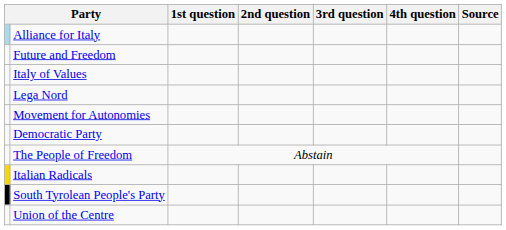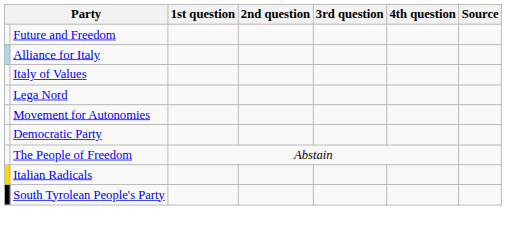 <table class="wikitable">
 <tr>
 <th colspan=2>Party</th>
 <th>1st question</th>
 <th>2nd question</th>
 <th>3rd question</th>
 <th>4th question</th>
 <th>Source</th>
 </tr>
 <tr>
-<td bgcolor="lightblue"></td>
-<td><a href='#'>Alliance for Italy</a></td>
+<td></td>
+<td><a href='#'>Future and Freedom</a></td>
 <td></td>
 <td></td>
 <td></td>
 <td></td>
 <td></td>
 </tr>
 <tr>
-<td></td>
-<td><a href='#'>Future and Freedom</a></td>
+<td bgcolor="lightblue"></td>
+<td><a href='#'>Alliance for Italy</a></td>
 <td></td>
 <td></td>
 <td></td>
 <td></td>
 <td></td>
 </tr>
 <tr>
 <td></td>
 <td><a href='#'>Italy of Values</a></td>
 <td></td>
 <td></td>
 <td></td>
 <td></td>
 <td></td>
 </tr>
 <tr>
 <td></td>
 <td><a href='#'>Lega Nord</a></td>
 <td></td>
 <td></td>
 <td></td>
 <td></td>
 <td></td>
 </tr>
 <tr>
 <td></td>
 <td><a href='#'>Movement for Autonomies</a></td>
 <td></td>
 <td></td>
 <td></td>
 <td></td>
 <td></td>
 </tr>
 <tr>
 <td></td>
 <td><a href='#'>Democratic Party</a></td>
 <td></td>
 <td></td>
 <td></td>
 <td></td>
 <td></td>
 </tr>
 <tr>
 <td></td>
 <td><a href='#'>The People of Freedom</a></td>
 <td colspan="4" style="text-align: center;"><em>Abstain</em></td>
 <td></td>
 </tr>
 <tr>
 <td bgcolor="gold"></td>
 <td><a href='#'>Italian Radicals</a></td>
 <td></td>
 <td></td>
 <td></td>
 <td></td>
 <td></td>
 </tr>
 <tr>
 <td bgcolor="black"></td>
 <td><a href='#'>South Tyrolean People's Party</a></td>
 <td></td>
 <td></td>
 <td></td>
 <td></td>
 <td></td>
 </tr>
-<tr>
-<td></td>
-<td><a href='#'>Union of the Centre</a></td>
-<td></td>
-<td></td>
-<td></td>
-<td></td>
-<td></td>
-</tr>
 </table>
